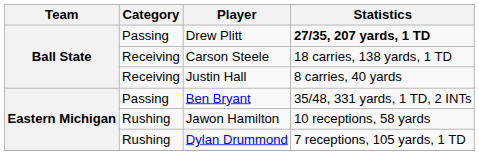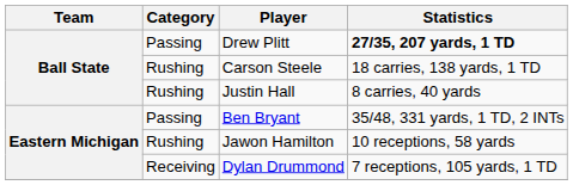 <table class="wikitable" style="float: left;">
 <tr>
 <th>Team</th>
 <th>Category</th>
 <th>Player</th>
 <th>Statistics</th>
 </tr>
 <tr>
 <th rowspan=3>Ball State</th>
 <td>Passing</td>
 <td>Drew Plitt</td>
 <td><strong>27/35, 207 yards, 1 TD</strong></td>
 </tr>
 <tr>
-<td>Receiving</td>
+<td>Rushing</td>
 <td>Carson Steele</td>
 <td>18 carries, 138 yards, 1 TD</td>
 </tr>
 <tr>
-<td>Receiving</td>
+<td>Rushing</td>
 <td>Justin Hall</td>
 <td>8 carries, 40 yards</td>
 </tr>
 <tr>
 <th rowspan=3 style=>Eastern Michigan</th>
 <td>Passing</td>
 <td><a href='#'>Ben Bryant</a></td>
 <td>35/48, 331 yards, 1 TD, 2 INTs</td>
 </tr>
 <tr>
 <td>Rushing</td>
 <td>Jawon Hamilton</td>
 <td>10 receptions, 58 yards</td>
 </tr>
 <tr>
-<td>Rushing</td>
+<td>Receiving</td>
 <td><a href='#'>Dylan Drummond</a></td>
 <td>7 receptions, 105 yards, 1 TD</td>
 </tr>
 <tr>
 </tr>
 </table>
